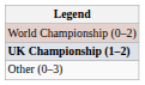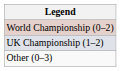 <table class="wikitable">
 <tr>
 <th>Legend</th>
 </tr>
 <tr bgcolor="#e5d1cb">
 <td>World Championship (0–2)</td>
 </tr>
 <tr bgcolor="dfe2e9">
-<td><strong>UK Championship (1–2)</strong></td>
+<td>UK Championship (1–2)</td>
 </tr>
 <tr bgcolor=>
 <td>Other (0–3)</td>
 </tr>
 </table>
